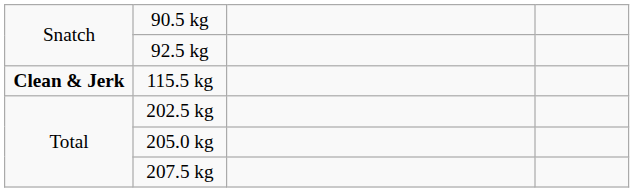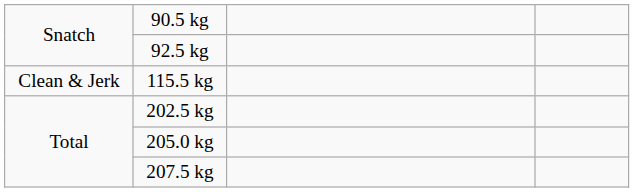 <table class = "wikitable" style="text-align:center;">
 <tr>
 <td rowspan=2 width=100>Snatch</td>
 <td width=70>90.5 kg</td>
 <td width=250 align=left></td>
 <td width=70></td>
 </tr>
 <tr>
 <td>92.5 kg</td>
 <td align=left></td>
 <td></td>
 </tr>
 <tr>
-<td><strong>Clean & Jerk</strong></td>
+<td>Clean & Jerk</td>
 <td>115.5 kg</td>
 <td align=left></td>
 <td></td>
 </tr>
 <tr>
 <td rowspan=3>Total</td>
 <td>202.5 kg</td>
 <td align=left></td>
 <td></td>
 </tr>
 <tr>
 <td>205.0 kg</td>
 <td align=left></td>
 <td></td>
 </tr>
 <tr>
 <td>207.5 kg</td>
 <td align=left></td>
 <td></td>
 </tr>
 </table>
